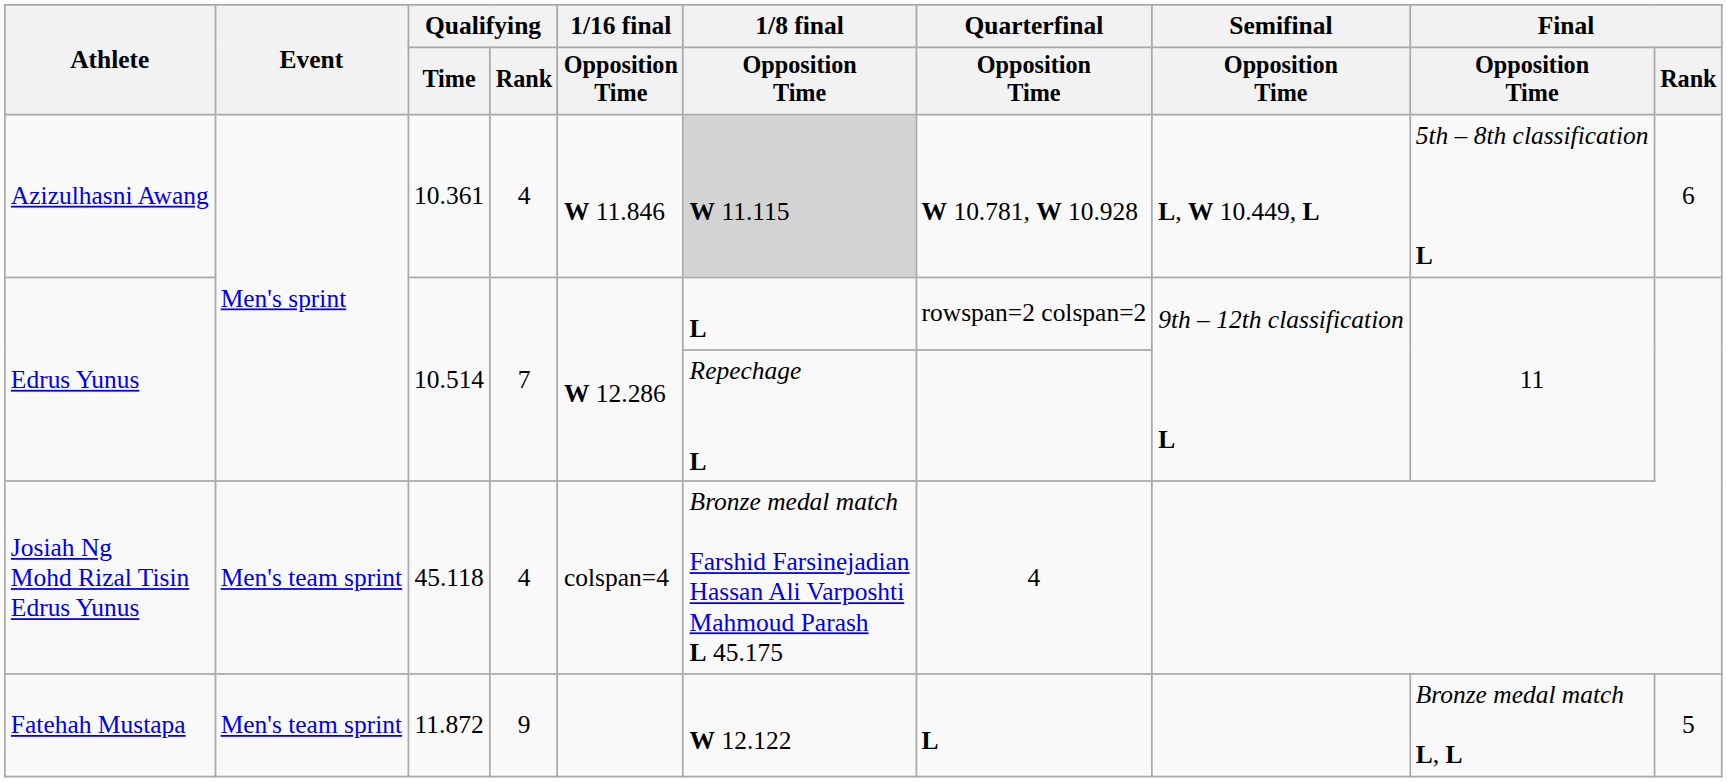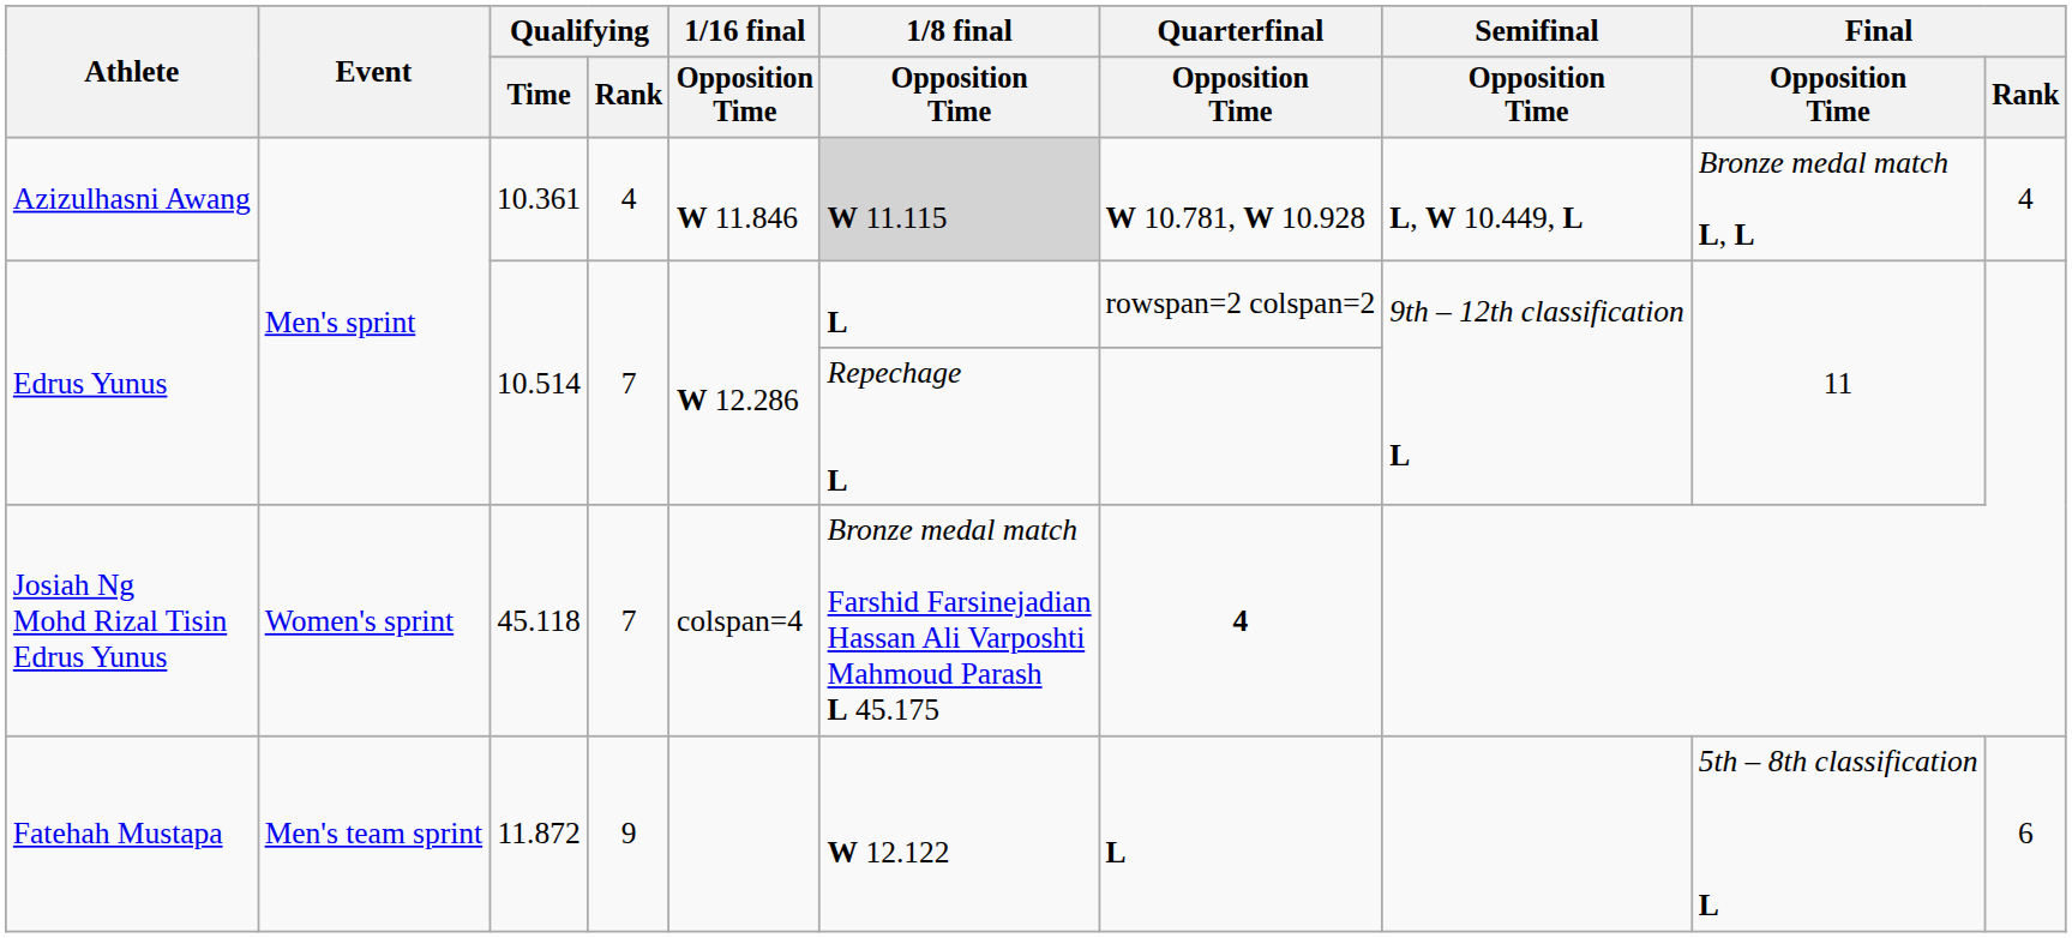 <table class=wikitable style="text-align:left; font-size:90%">
 <tr>
 <th rowspan=2 align=center>Athlete</th>
 <th rowspan=2 align=center>Event</th>
 <th colspan=2 align=center>Qualifying</th>
 <th align=center>1/16 final</th>
 <th align=center>1/8 final</th>
 <th align=center>Quarterfinal</th>
 <th align=center>Semifinal</th>
 <th colspan=2 align=center>Final</th>
 </tr>
 <tr style="font-size:95%">
 <th align=center>Time</th>
 <th align=center>Rank</th>
 <th align=center>Opposition<br>Time</th>
 <th align=center>Opposition<br>Time</th>
 <th align=center>Opposition<br>Time</th>
 <th align=center>Opposition<br>Time</th>
 <th align=center>Opposition<br>Time</th>
 <th align=center>Rank</th>
 </tr>
 <tr>
 <td><a href='#'>Azizulhasni Awang</a></td>
 <td rowspan=3><a href='#'>Men's sprint</a></td>
 <td align=center>10.361</td>
 <td align=center>4 <strong></strong></td>
 <td><br><strong>W</strong> 11.846</td>
 <td style="background: lightgrey;"><br><strong>W</strong> 11.115</td>
 <td><br><strong>W</strong> 10.781, <strong>W</strong> 10.928</td>
 <td><br><strong>L</strong>, <strong>W</strong> 10.449, <strong>L</strong></td>
-<td><em>5th – 8th classification</em><br><br><br><br><strong>L</strong></td>
-<td align=center>6</td>
+<td><em>Bronze medal match</em><br><br><strong>L</strong>, <strong>L</strong></td>
+<td align=center>4</td>
 </tr>
 <tr>
 <td rowspan=2 align=left><a href='#'>Edrus Yunus</a></td>
 <td rowspan=2 align=center>10.514</td>
 <td rowspan=2 align=center>7 <strong></strong></td>
 <td rowspan=2><br><strong>W</strong> 12.286</td>
 <td><br><strong>L</strong></td>
 <td>rowspan=2 colspan=2 </td>
 <td rowspan=2><em>9th – 12th classification</em><br><br><br><br><strong>L</strong></td>
 <td rowspan=2 align=center>11</td>
 </tr>
 <tr>
 <td><em>Repechage</em><br><br><br><strong>L</strong></td>
 </tr>
 <tr>
 <td align=left><a href='#'>Josiah Ng</a><br><a href='#'>Mohd Rizal Tisin</a><br><a href='#'>Edrus Yunus</a></td>
-<td align=left><a href='#'>Men's team sprint</a></td>
+<td><a href='#'>Women's sprint</a></td>
 <td align=center>45.118</td>
-<td align=center>4 <strong></strong></td>
+<td align=center>7 <strong></strong></td>
 <td>colspan=4 </td>
 <td align=left><em>Bronze medal match</em><br><br><a href='#'>Farshid Farsinejadian</a><br><a href='#'>Hassan Ali Varposhti</a><br><a href='#'>Mahmoud Parash</a><br><strong>L</strong> 45.175</td>
-<td align=center>4</td>
+<td align=center><strong>4</strong></td>
 </tr>
 <tr>
 <td><a href='#'>Fatehah Mustapa</a></td>
 <td align=left><a href='#'>Men's team sprint</a></td>
 <td align=center>11.872</td>
 <td align=center>9 <strong></strong></td>
 <td></td>
 <td><br><strong>W</strong> 12.122</td>
 <td><br><strong>L</strong></td>
 <td></td>
-<td><em>Bronze medal match</em><br><br><strong>L</strong>, <strong>L</strong></td>
-<td align=center>5</td>
+<td><em>5th – 8th classification</em><br><br><br><br><strong>L</strong></td>
+<td align=center>6</td>
 </tr>
 </table>
